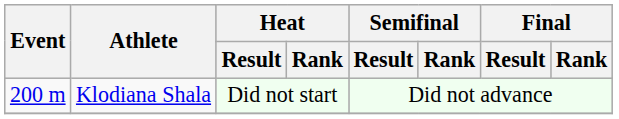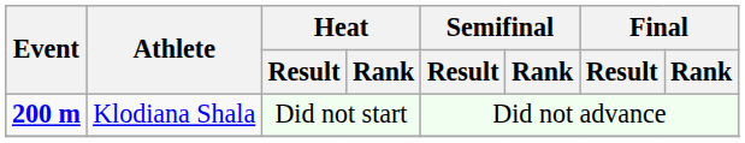 <table class=wikitable style="text-align:center; font-size:90%">
 <tr>
 <th rowspan="2">Event</th>
 <th rowspan="2">Athlete</th>
 <th colspan="2">Heat</th>
 <th colspan="2">Semifinal</th>
 <th colspan="2">Final</th>
 </tr>
 <tr>
 <th>Result</th>
 <th>Rank</th>
 <th>Result</th>
 <th>Rank</th>
 <th>Result</th>
 <th>Rank</th>
 </tr>
 <tr>
-<td><a href='#'>200 m</a></td>
+<td><strong><a href='#'>200 m</a></strong></td>
 <td><a href='#'>Klodiana Shala</a></td>
 <td colspan=2 bgcolor=honeydew>Did not start</td>
 <td colspan=4 bgcolor=honeydew>Did not advance</td>
 </tr>
 <tr>
 </tr>
 </table>
